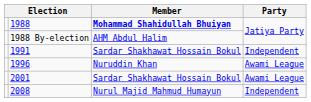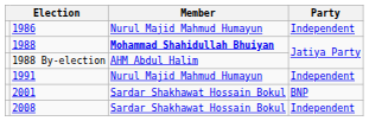 <table class="wikitable">
 <tr>
 <th colspan="2">Election</th>
 <th>Member</th>
 <th>Party</th>
+</tr>
+<tr>
+<td style="background-color:"></td>
+<td><a href='#'>1986</a></td>
+<td><a href='#'>Nurul Majid Mahmud Humayun</a></td>
+<td><a href='#'>Independent</a></td>
 </tr>
 <tr>
 <td style="background-color:"></td>
 <td><a href='#'>1988</a></td>
 <td><strong><a href='#'>Mohammad Shahidullah Bhuiyan</a></strong></td>
 <td rowspan="2"><a href='#'>Jatiya Party</a></td>
 </tr>
 <tr>
 <td style="background-color:"></td>
 <td>1988 By-election</td>
 <td><a href='#'>AHM Abdul Halim</a></td>
 </tr>
 <tr>
 <td style="background-color:"></td>
 <td><a href='#'>1991</a></td>
-<td><a href='#'>Sardar Shakhawat Hossain Bokul</a></td>
+<td><a href='#'>Nurul Majid Mahmud Humayun</a></td>
 <td><a href='#'>Independent</a></td>
-</tr>
-<tr>
-<td style="background-color:"></td>
-<td><a href='#'>1996</a></td>
-<td><a href='#'>Nuruddin Khan</a></td>
-<td><a href='#'>Awami League</a></td>
 </tr>
 <tr>
 <td style="background-color:"></td>
 <td><a href='#'>2001</a></td>
 <td><a href='#'>Sardar Shakhawat Hossain Bokul</a></td>
-<td><a href='#'>Awami League</a></td>
+<td><a href='#'>BNP</a></td>
 </tr>
 <tr>
 <td rowspan="4" style="background-color:"></td>
 <td><a href='#'>2008</a></td>
-<td><a href='#'>Nurul Majid Mahmud Humayun</a></td>
+<td><a href='#'>Sardar Shakhawat Hossain Bokul</a></td>
 <td><a href='#'>Independent</a></td>
 </tr>
 </table>
